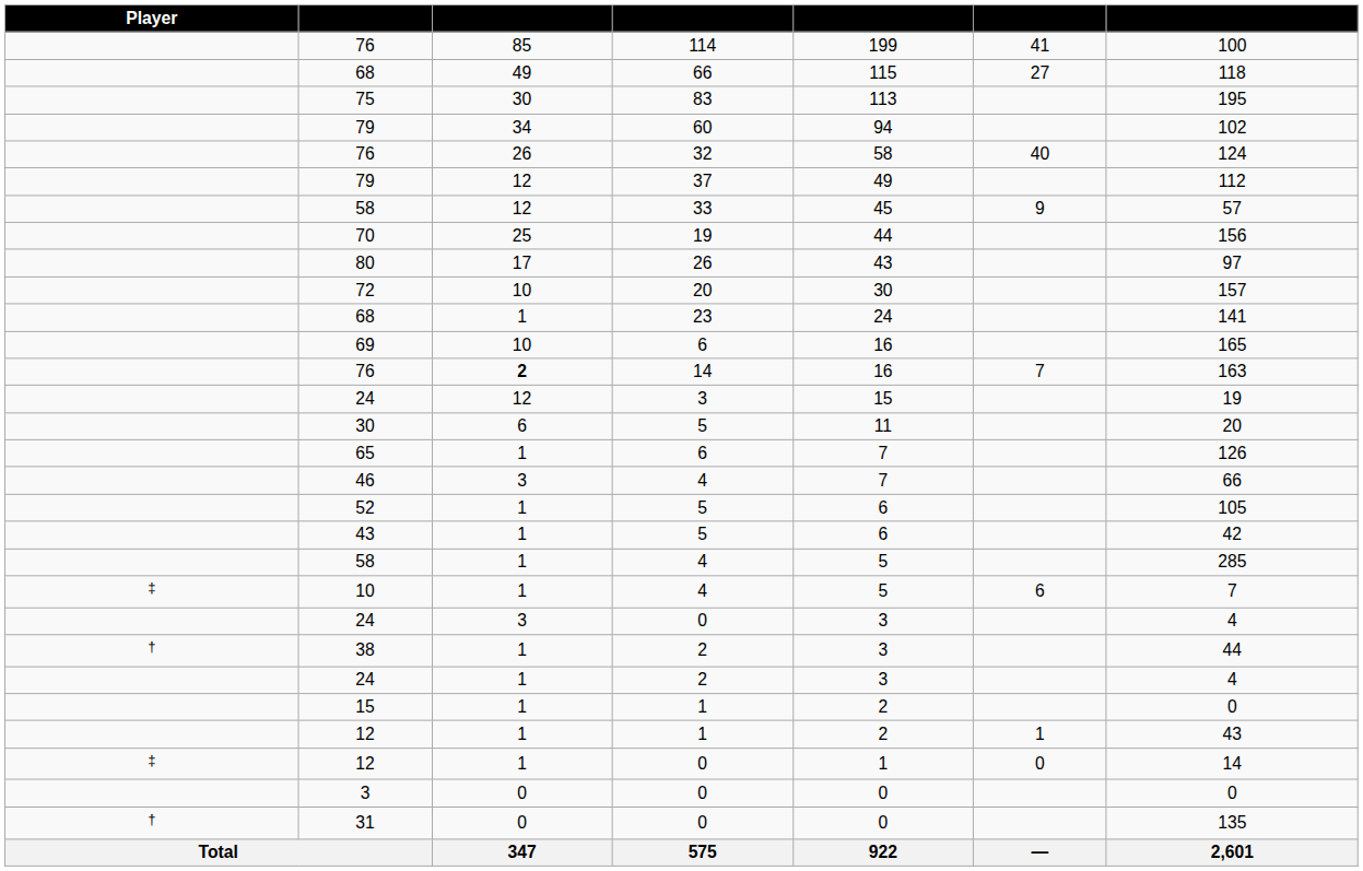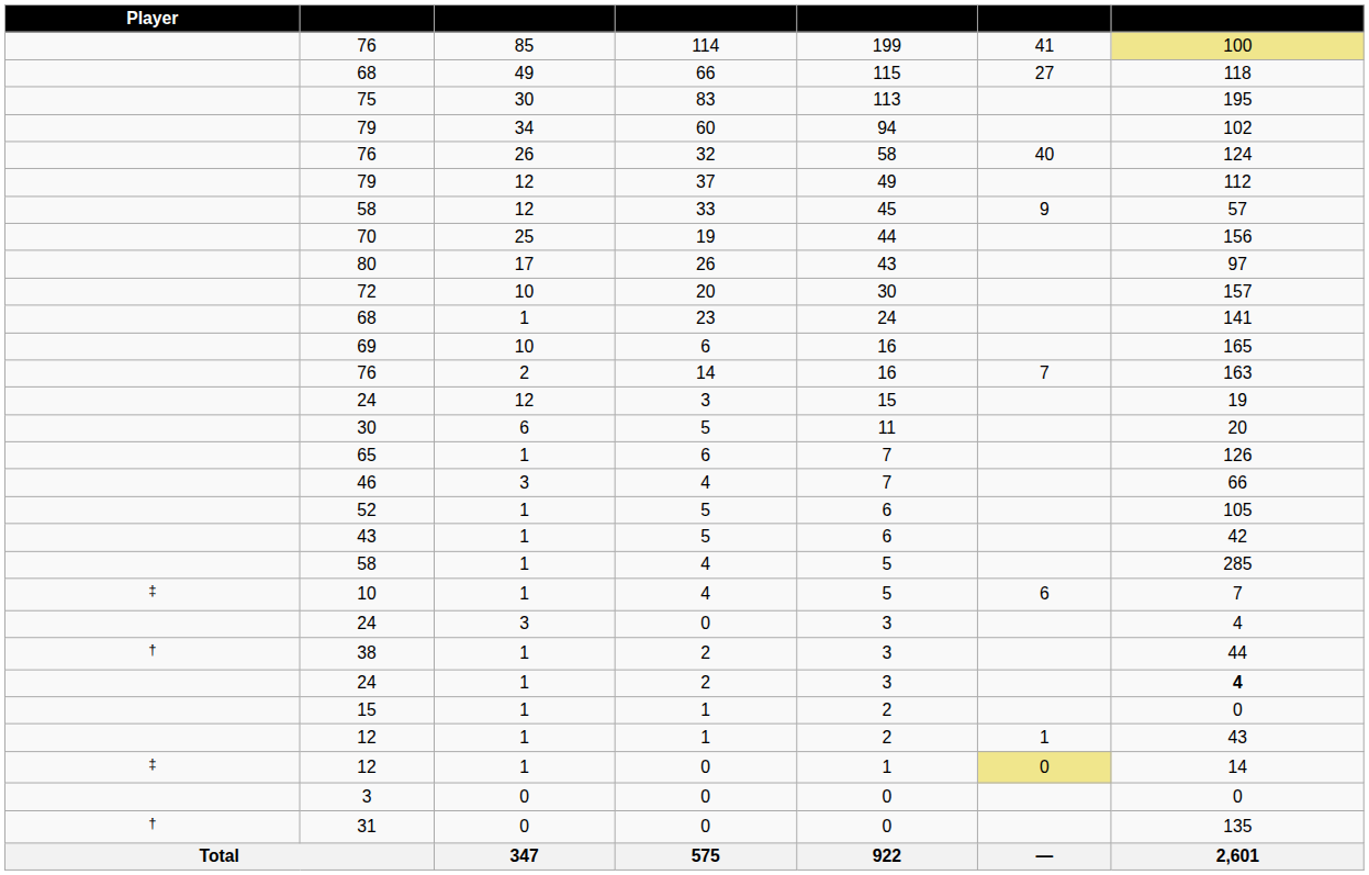 <table class="wikitable sortable" style="width:100%; text-align:center;">
 <tr align=center>
 <th style="color:white; background:#000000; ">Player</th>
 <th style="color:white; background:#000000; "></th>
 <th style="color:white; background:#000000; "></th>
 <th style="color:white; background:#000000; "></th>
 <th style="color:white; background:#000000; "></th>
 <th style="color:white; background:#000000; "></th>
 <th style="color:white; background:#000000; "></th>
 </tr>
 <tr>
 <td></td>
 <td>76</td>
 <td>85</td>
 <td>114</td>
 <td>199</td>
 <td>41</td>
-<td>100</td>
+<td style="background: khaki;">100</td>
 </tr>
 <tr>
 <td></td>
 <td>68</td>
 <td>49</td>
 <td>66</td>
 <td>115</td>
 <td>27</td>
 <td>118</td>
 </tr>
 <tr>
 <td></td>
 <td>75</td>
 <td>30</td>
 <td>83</td>
 <td>113</td>
 <td></td>
 <td>195</td>
 </tr>
 <tr>
 <td></td>
 <td>79</td>
 <td>34</td>
 <td>60</td>
 <td>94</td>
 <td></td>
 <td>102</td>
 </tr>
 <tr>
 <td></td>
 <td>76</td>
 <td>26</td>
 <td>32</td>
 <td>58</td>
 <td>40</td>
 <td>124</td>
 </tr>
 <tr>
 <td></td>
 <td>79</td>
 <td>12</td>
 <td>37</td>
 <td>49</td>
 <td></td>
 <td>112</td>
 </tr>
 <tr>
 <td></td>
 <td>58</td>
 <td>12</td>
 <td>33</td>
 <td>45</td>
 <td>9</td>
 <td>57</td>
 </tr>
 <tr>
 <td></td>
 <td>70</td>
 <td>25</td>
 <td>19</td>
 <td>44</td>
 <td></td>
 <td>156</td>
 </tr>
 <tr>
 <td></td>
 <td>80</td>
 <td>17</td>
 <td>26</td>
 <td>43</td>
 <td></td>
 <td>97</td>
 </tr>
 <tr>
 <td></td>
 <td>72</td>
 <td>10</td>
 <td>20</td>
 <td>30</td>
 <td></td>
 <td>157</td>
 </tr>
 <tr>
 <td></td>
 <td>68</td>
 <td>1</td>
 <td>23</td>
 <td>24</td>
 <td></td>
 <td>141</td>
 </tr>
 <tr>
 <td></td>
 <td>69</td>
 <td>10</td>
 <td>6</td>
 <td>16</td>
 <td></td>
 <td>165</td>
 </tr>
 <tr>
 <td></td>
 <td>76</td>
-<td><strong>2</strong></td>
+<td>2</td>
 <td>14</td>
 <td>16</td>
 <td>7</td>
 <td>163</td>
 </tr>
 <tr>
 <td></td>
 <td>24</td>
 <td>12</td>
 <td>3</td>
 <td>15</td>
 <td></td>
 <td>19</td>
 </tr>
 <tr>
 <td></td>
 <td>30</td>
 <td>6</td>
 <td>5</td>
 <td>11</td>
 <td></td>
 <td>20</td>
 </tr>
 <tr>
 <td></td>
 <td>65</td>
 <td>1</td>
 <td>6</td>
 <td>7</td>
 <td></td>
 <td>126</td>
 </tr>
 <tr>
 <td></td>
 <td>46</td>
 <td>3</td>
 <td>4</td>
 <td>7</td>
 <td></td>
 <td>66</td>
 </tr>
 <tr>
 <td></td>
 <td>52</td>
 <td>1</td>
 <td>5</td>
 <td>6</td>
 <td></td>
 <td>105</td>
 </tr>
 <tr>
 <td></td>
 <td>43</td>
 <td>1</td>
 <td>5</td>
 <td>6</td>
 <td></td>
 <td>42</td>
 </tr>
 <tr>
 <td></td>
 <td>58</td>
 <td>1</td>
 <td>4</td>
 <td>5</td>
 <td></td>
 <td>285</td>
 </tr>
 <tr>
 <td><sup>‡</sup></td>
 <td>10</td>
 <td>1</td>
 <td>4</td>
 <td>5</td>
 <td>6</td>
 <td>7</td>
 </tr>
 <tr>
 <td></td>
 <td>24</td>
 <td>3</td>
 <td>0</td>
 <td>3</td>
 <td></td>
 <td>4</td>
 </tr>
 <tr>
 <td><sup>†</sup></td>
 <td>38</td>
 <td>1</td>
 <td>2</td>
 <td>3</td>
 <td></td>
 <td>44</td>
 </tr>
 <tr>
 <td></td>
 <td>24</td>
 <td>1</td>
 <td>2</td>
 <td>3</td>
 <td></td>
-<td>4</td>
+<td><strong>4</strong></td>
 </tr>
 <tr>
 <td></td>
 <td>15</td>
 <td>1</td>
 <td>1</td>
 <td>2</td>
 <td></td>
 <td>0</td>
 </tr>
 <tr>
 <td></td>
 <td>12</td>
 <td>1</td>
 <td>1</td>
 <td>2</td>
 <td>1</td>
 <td>43</td>
 </tr>
 <tr>
 <td><sup>‡</sup></td>
 <td>12</td>
 <td>1</td>
 <td>0</td>
 <td>1</td>
-<td>0</td>
+<td style="background: khaki;">0</td>
 <td>14</td>
 </tr>
 <tr>
 <td></td>
 <td>3</td>
 <td>0</td>
 <td>0</td>
 <td>0</td>
 <td></td>
 <td>0</td>
 </tr>
 <tr>
 <td><sup>†</sup></td>
 <td>31</td>
 <td>0</td>
 <td>0</td>
 <td>0</td>
 <td></td>
 <td>135</td>
 </tr>
 <tr class="sortbottom">
 <th colspan=2>Total</th>
 <th>347</th>
 <th>575</th>
 <th>922</th>
 <th>—</th>
 <th>2,601</th>
 </tr>
 </table>
